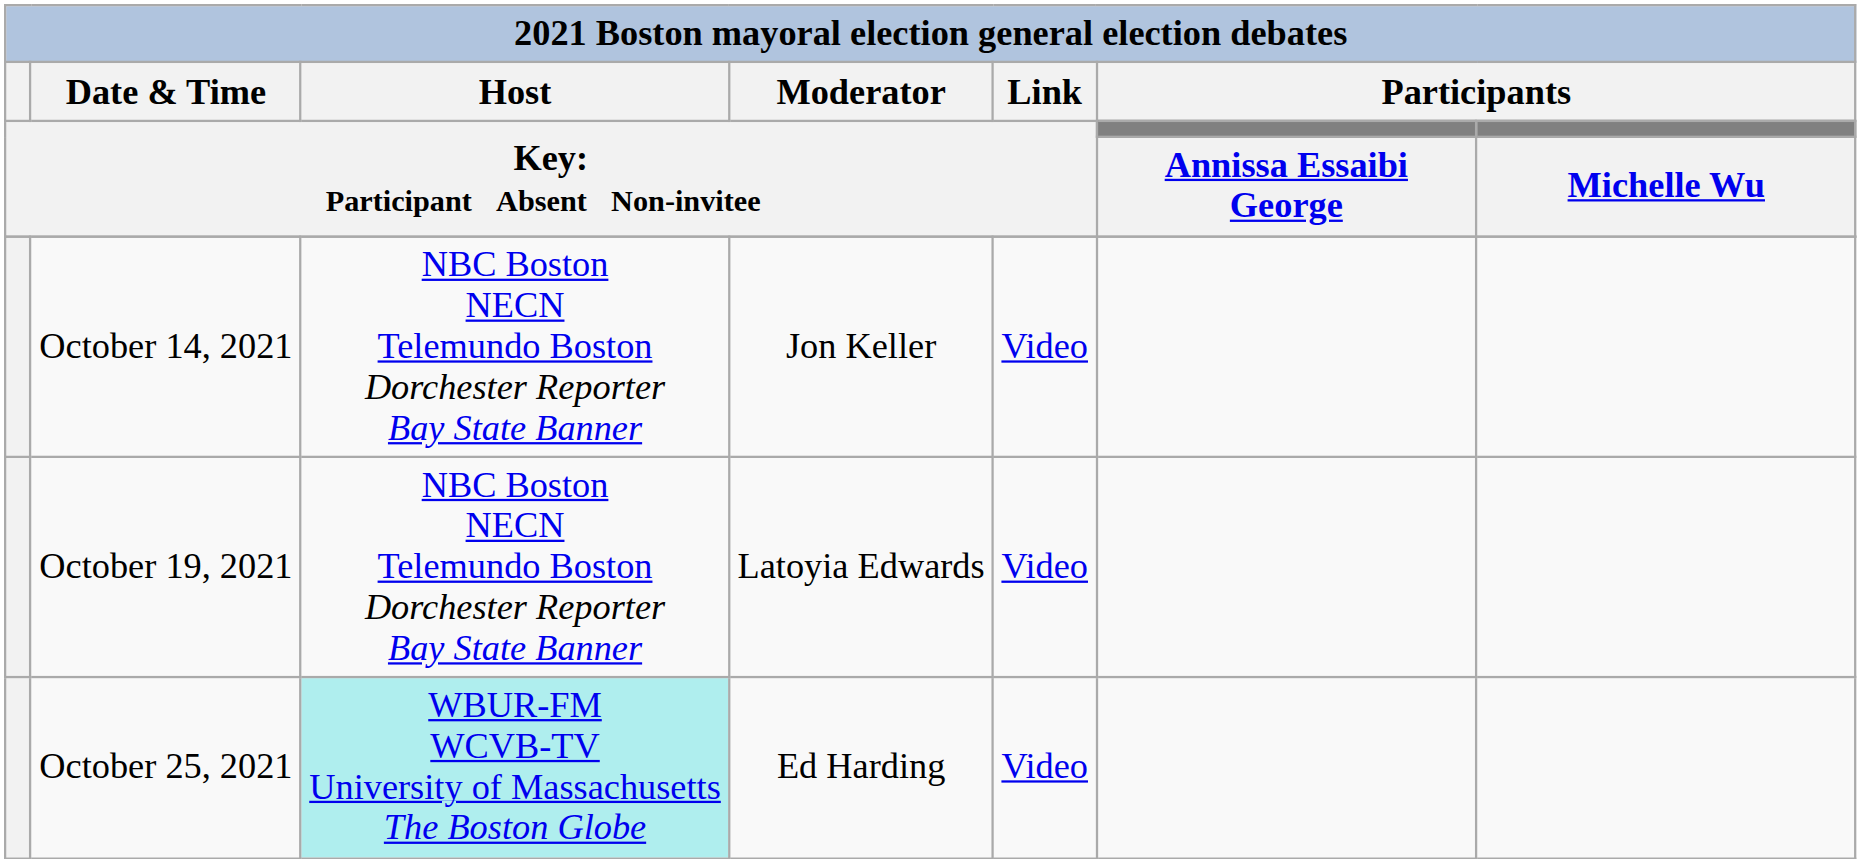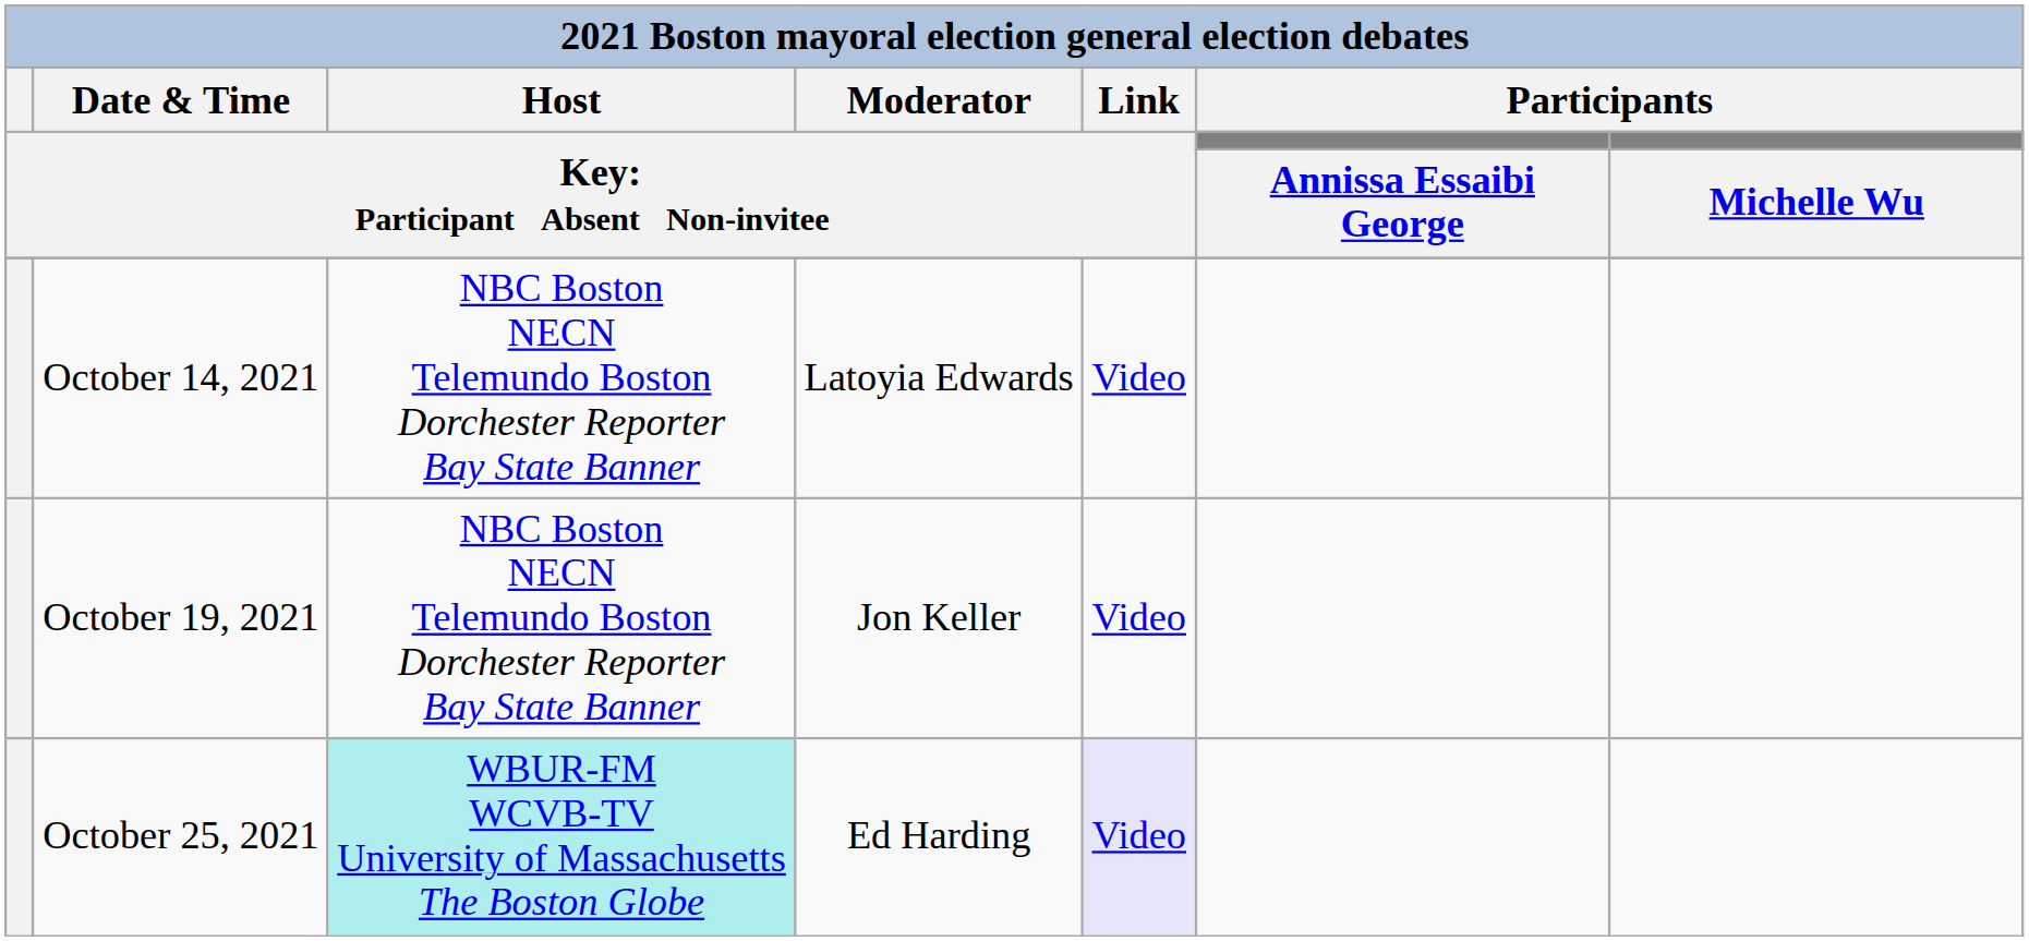 <table class="wikitable">
 <tr>
 <th style="background:#B0C4DE" colspan="16">2021 Boston mayoral election general election debates</th>
 </tr>
 <tr>
 <th style="white-space:nowrap;"> </th>
 <th>Date & Time</th>
 <th>Host</th>
 <th>Moderator</th>
 <th>Link</th>
 <th scope="col" colspan="10">Participants</th>
 </tr>
 <tr>
 <th colspan="5" rowspan="2">Key:<br> <small>Participant  </small>  <small>Absent  </small>  <small>Non-invitee  </small></th>
 <th scope="col" style="width:10em; background: #808080;"></th>
 <th scope="col" style="width:10em; background: #808080;"></th>
 </tr>
 <tr>
 <th><a href='#'>Annissa Essaibi George</a></th>
 <th><a href='#'>Michelle Wu</a></th>
 </tr>
 <tr>
 </tr>
 <tr>
 <th></th>
 <td style="white-space:nowrap;text-align:center;">October 14, 2021</td>
 <td style="white-space:nowrap;text-align:center;"><a href='#'>NBC Boston</a><br><a href='#'>NECN</a><br><a href='#'>Telemundo Boston</a><br><em>Dorchester Reporter</em><br><em><a href='#'>Bay State Banner</a></em></td>
-<td style="white-space:nowrap;text-align:center;">Jon Keller</td>
+<td style="white-space:nowrap;text-align:center;">Latoyia Edwards</td>
 <td style="white-space:nowrap;text-align:center;"><a href='#'>Video</a></td>
 <td></td>
 <td></td>
 </tr>
 <tr>
 <th></th>
 <td style="white-space:nowrap;text-align:center;">October 19, 2021</td>
 <td style="white-space:nowrap;text-align:center;"><a href='#'>NBC Boston</a><br><a href='#'>NECN</a><br><a href='#'>Telemundo Boston</a><br><em>Dorchester Reporter</em><br><em><a href='#'>Bay State Banner</a></em></td>
-<td style="white-space:nowrap;text-align:center;">Latoyia Edwards</td>
+<td style="white-space:nowrap;text-align:center;">Jon Keller</td>
 <td style="white-space:nowrap;text-align:center;"><a href='#'>Video</a></td>
 <td></td>
 <td></td>
 </tr>
 <tr>
 <th></th>
 <td style="white-space:nowrap;text-align:center;">October 25, 2021</td>
 <td style="background: paleturquoise; white-space:nowrap;text-align:center;"><a href='#'>WBUR-FM</a><br><a href='#'>WCVB-TV</a><br><a href='#'>University of Massachusetts</a><br><em><a href='#'>The Boston Globe</a></em><br></td>
 <td style="white-space:nowrap;text-align:center;">Ed Harding</td>
-<td style="white-space:nowrap;text-align:center;"><a href='#'>Video</a></td>
+<td style="background: lavender; white-space:nowrap;text-align:center;"><a href='#'>Video</a></td>
 <td></td>
 <td></td>
 </tr>
 </table>
